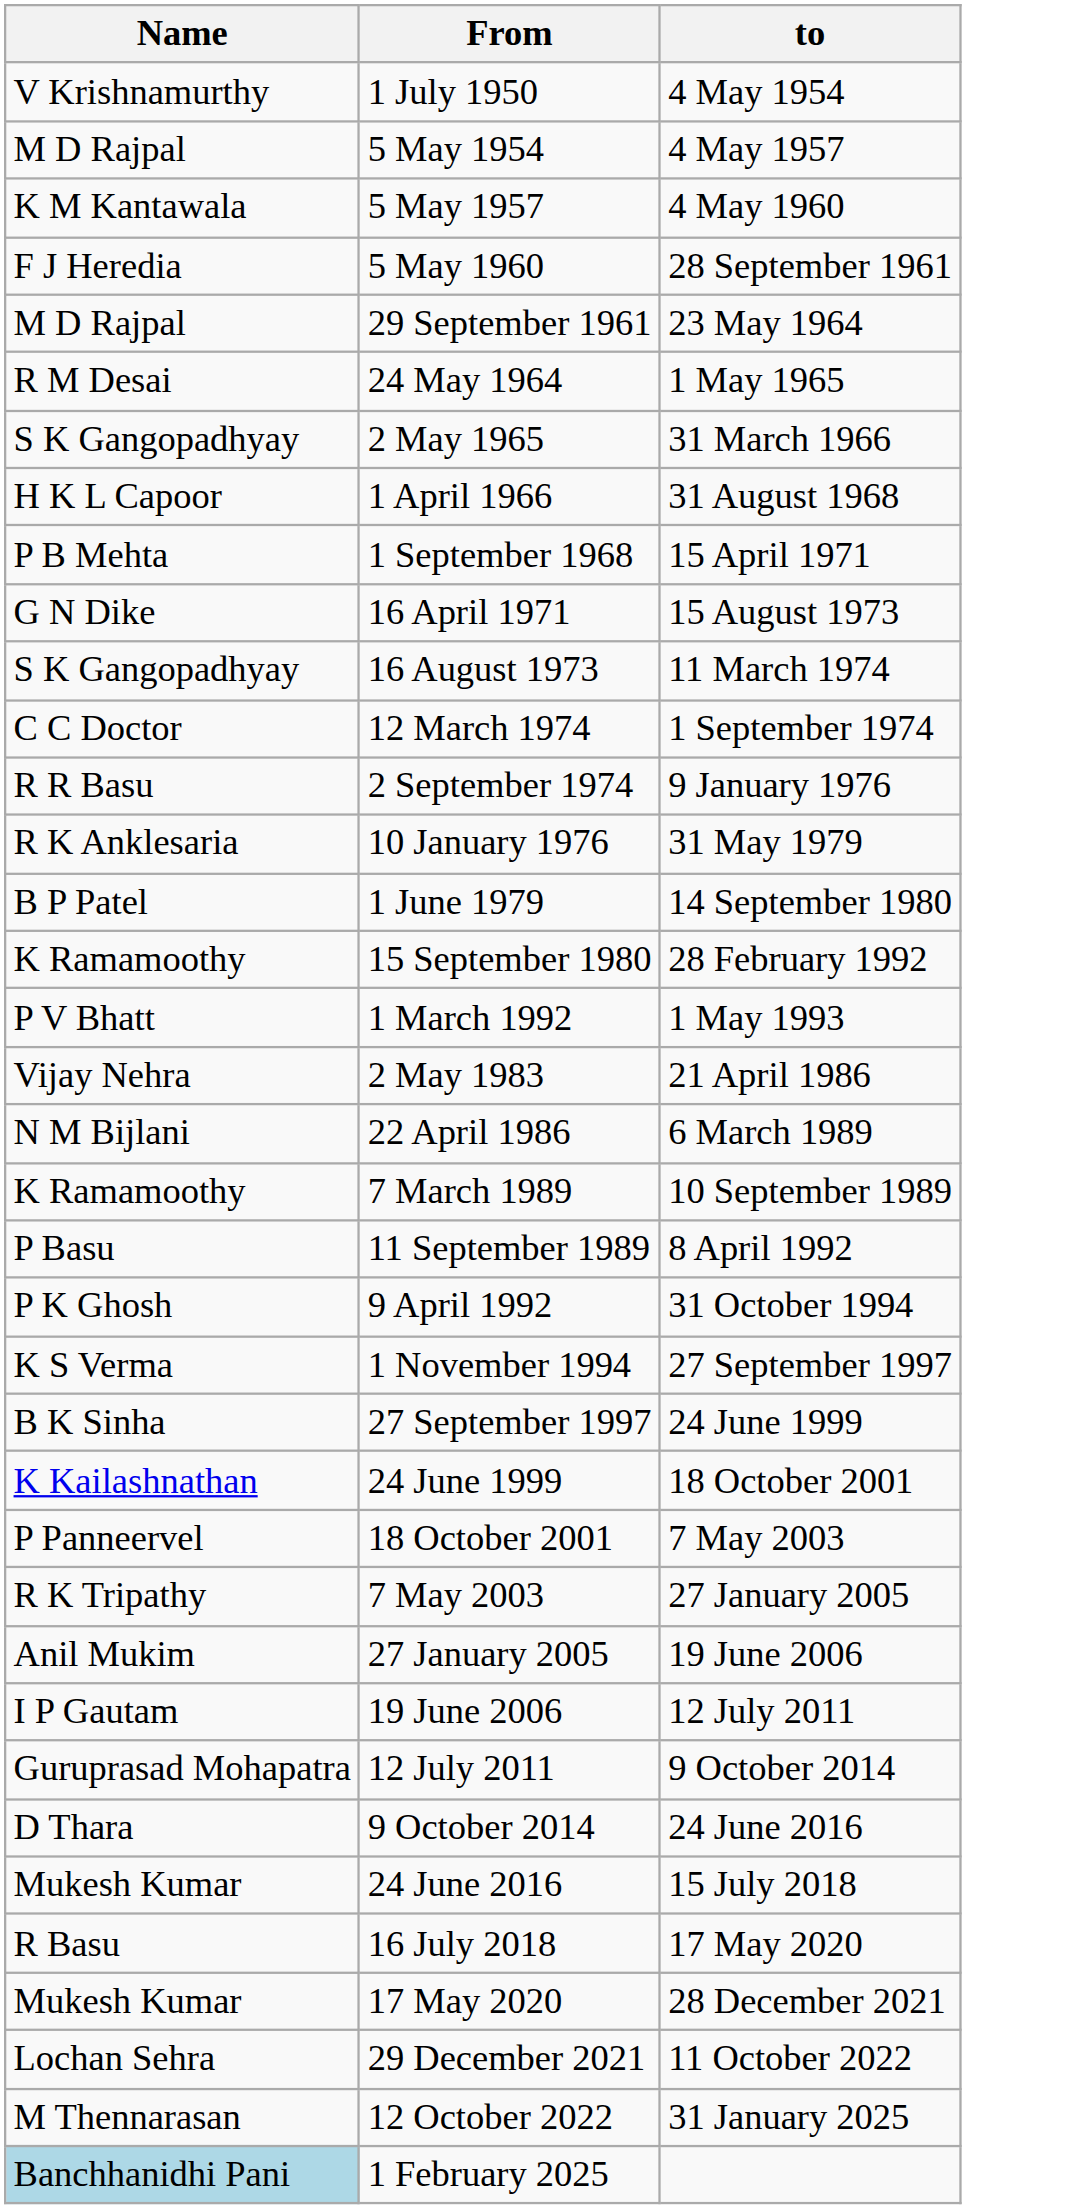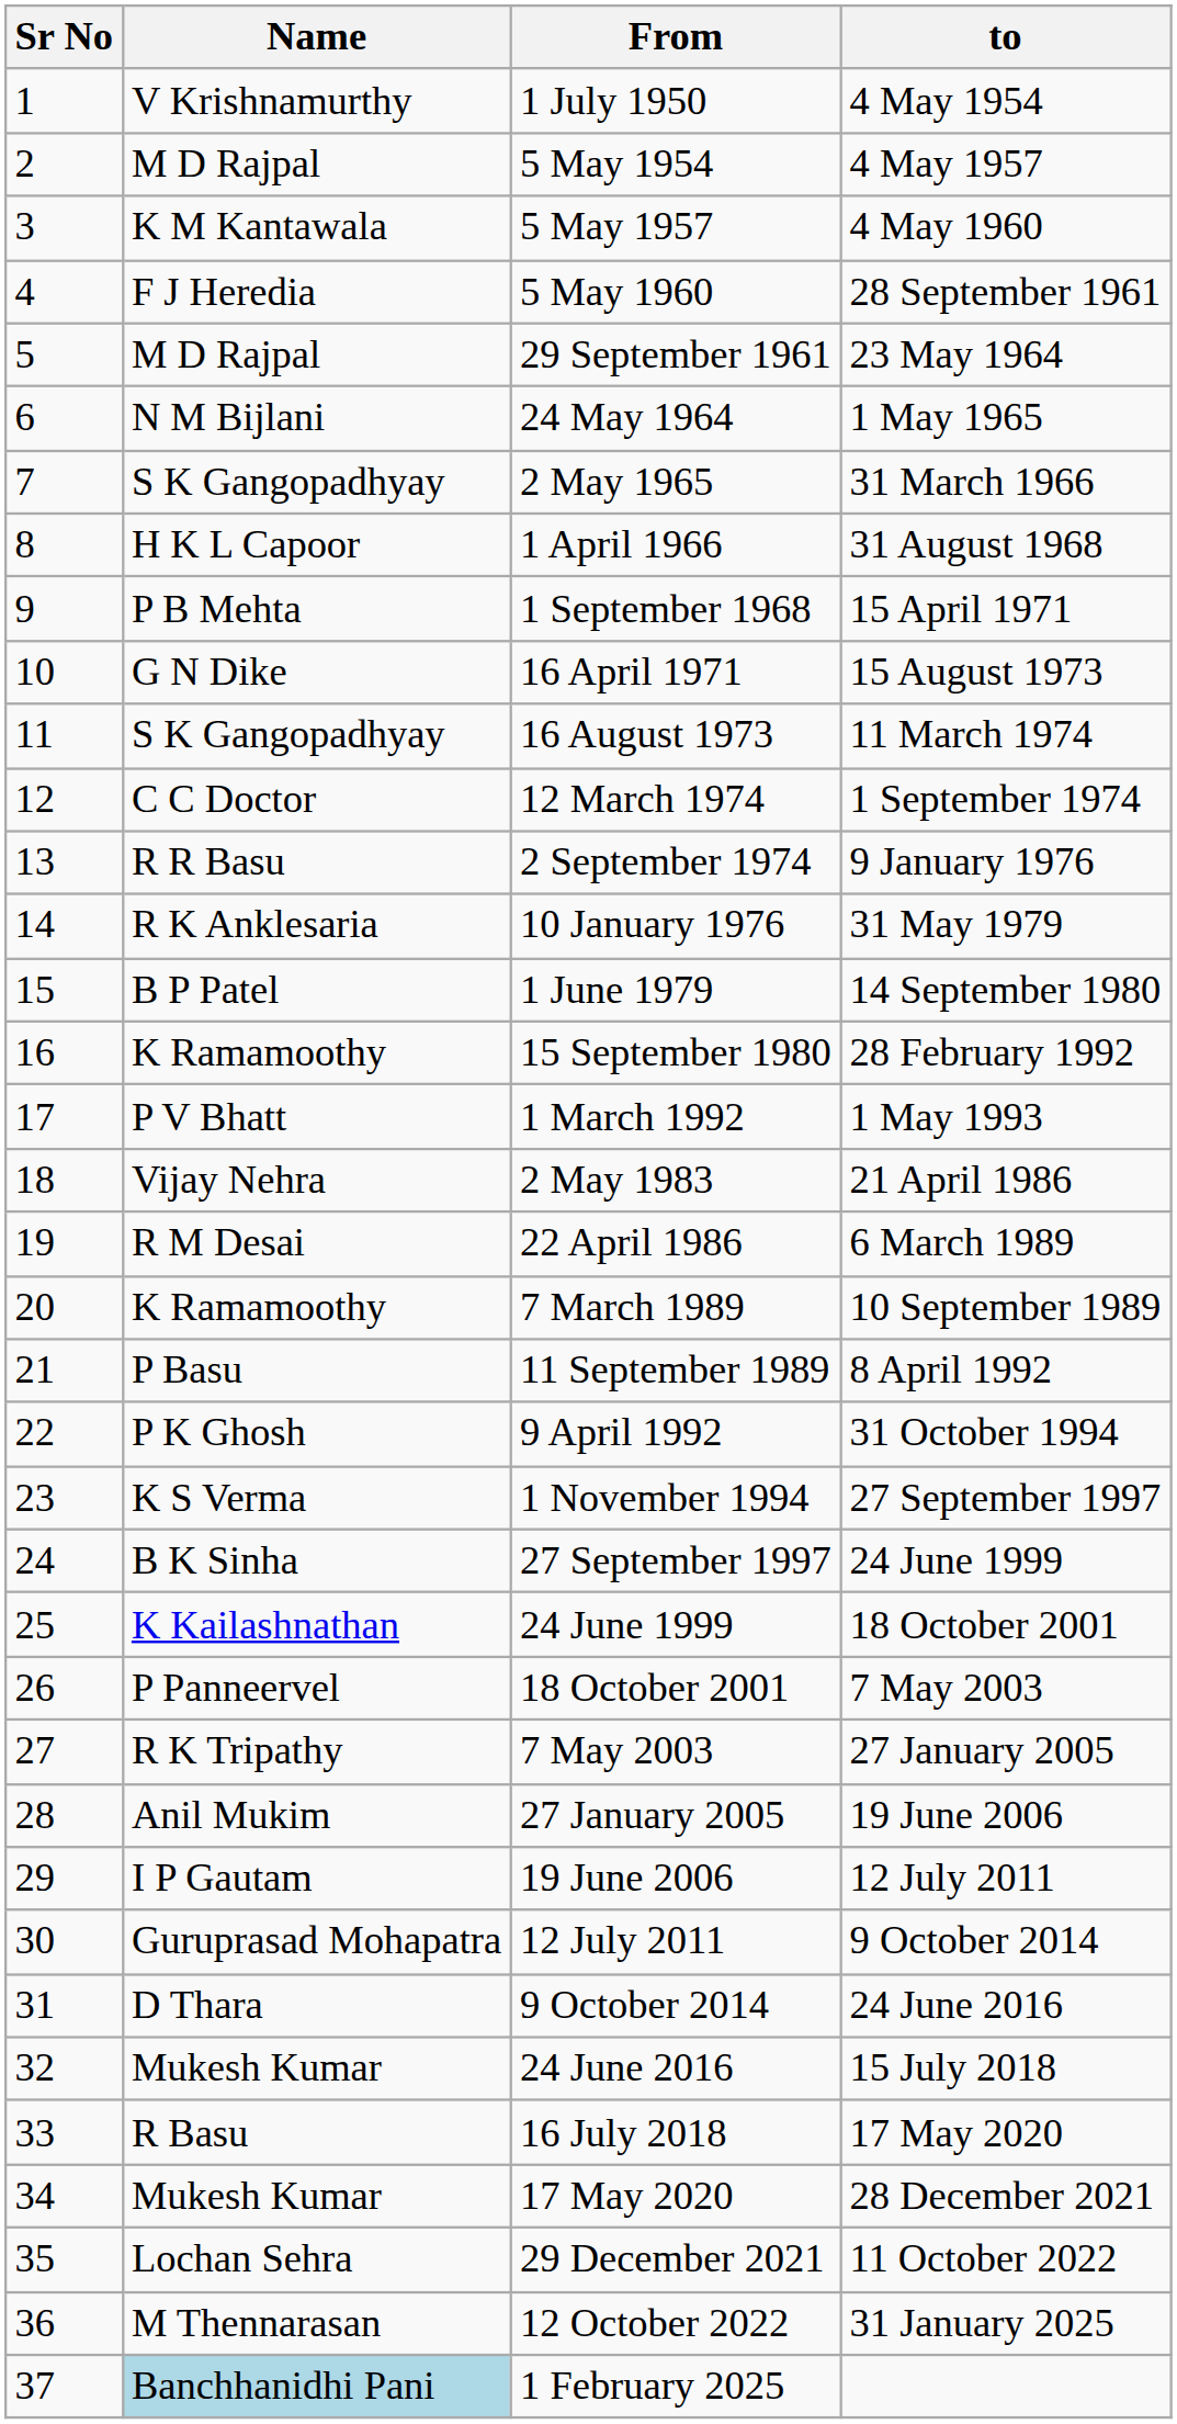 <table class="wikitable">
 <tr>
+<th>Sr No</th>
 <th>Name</th>
 <th>From</th>
 <th>to</th>
 </tr>
 <tr>
+<td>1</td>
 <td>V Krishnamurthy</td>
 <td>1 July 1950</td>
 <td>4 May 1954</td>
 </tr>
 <tr>
+<td>2</td>
 <td>M D Rajpal</td>
 <td>5 May 1954</td>
 <td>4 May 1957</td>
 </tr>
 <tr>
+<td>3</td>
 <td>K M Kantawala</td>
 <td>5 May 1957</td>
 <td>4 May 1960</td>
 </tr>
 <tr>
+<td>4</td>
 <td>F J Heredia</td>
 <td>5 May 1960</td>
 <td>28 September 1961</td>
 </tr>
 <tr>
+<td>5</td>
 <td>M D Rajpal</td>
 <td>29 September 1961</td>
 <td>23 May 1964</td>
 </tr>
 <tr>
-<td>R M Desai</td>
+<td>6</td>
+<td>N M Bijlani</td>
 <td>24 May 1964</td>
 <td>1 May 1965</td>
 </tr>
 <tr>
+<td>7</td>
 <td>S K Gangopadhyay</td>
 <td>2 May 1965</td>
 <td>31 March 1966</td>
 </tr>
 <tr>
+<td>8</td>
 <td>H K L Capoor</td>
 <td>1 April 1966</td>
 <td>31 August 1968</td>
 </tr>
 <tr>
+<td>9</td>
 <td>P B Mehta</td>
 <td>1 September 1968</td>
 <td>15 April 1971</td>
 </tr>
 <tr>
+<td>10</td>
 <td>G N Dike</td>
 <td>16 April 1971</td>
 <td>15 August 1973</td>
 </tr>
 <tr>
+<td>11</td>
 <td>S K Gangopadhyay</td>
 <td>16 August 1973</td>
 <td>11 March 1974</td>
 </tr>
 <tr>
+<td>12</td>
 <td>C C Doctor</td>
 <td>12 March 1974</td>
 <td>1 September 1974</td>
 </tr>
 <tr>
+<td>13</td>
 <td>R R Basu</td>
 <td>2 September 1974</td>
 <td>9 January 1976</td>
 </tr>
 <tr>
+<td>14</td>
 <td>R K Anklesaria</td>
 <td>10 January 1976</td>
 <td>31 May 1979</td>
 </tr>
 <tr>
+<td>15</td>
 <td>B P Patel</td>
 <td>1 June 1979</td>
 <td>14 September 1980</td>
 </tr>
 <tr>
+<td>16</td>
 <td>K Ramamoothy</td>
 <td>15 September 1980</td>
 <td>28 February 1992</td>
 </tr>
 <tr>
+<td>17</td>
 <td>P V Bhatt</td>
 <td>1 March 1992</td>
 <td>1 May 1993</td>
 </tr>
 <tr>
+<td>18</td>
 <td>Vijay Nehra</td>
 <td>2 May 1983</td>
 <td>21 April 1986</td>
 </tr>
 <tr>
-<td>N M Bijlani</td>
+<td>19</td>
+<td>R M Desai</td>
 <td>22 April 1986</td>
 <td>6 March 1989</td>
 </tr>
 <tr>
+<td>20</td>
 <td>K Ramamoothy</td>
 <td>7 March 1989</td>
 <td>10 September 1989</td>
 </tr>
 <tr>
+<td>21</td>
 <td>P Basu</td>
 <td>11 September 1989</td>
 <td>8 April 1992</td>
 </tr>
 <tr>
+<td>22</td>
 <td>P K Ghosh</td>
 <td>9 April 1992</td>
 <td>31 October 1994</td>
 </tr>
 <tr>
+<td>23</td>
 <td>K S Verma</td>
 <td>1 November 1994</td>
 <td>27 September 1997</td>
 </tr>
 <tr>
+<td>24</td>
 <td>B K Sinha</td>
 <td>27 September 1997</td>
 <td>24 June 1999</td>
 </tr>
 <tr>
+<td>25</td>
 <td><a href='#'>K Kailashnathan</a></td>
 <td>24 June 1999</td>
 <td>18 October 2001</td>
 </tr>
 <tr>
+<td>26</td>
 <td>P Panneervel</td>
 <td>18 October 2001</td>
 <td>7 May 2003</td>
 </tr>
 <tr>
+<td>27</td>
 <td>R K Tripathy</td>
 <td>7 May 2003</td>
 <td>27 January 2005</td>
 </tr>
 <tr>
+<td>28</td>
 <td>Anil Mukim</td>
 <td>27 January 2005</td>
 <td>19 June 2006</td>
 </tr>
 <tr>
+<td>29</td>
 <td>I P Gautam</td>
 <td>19 June 2006</td>
 <td>12 July 2011</td>
 </tr>
 <tr>
+<td>30</td>
 <td>Guruprasad Mohapatra</td>
 <td>12 July 2011</td>
 <td>9 October 2014</td>
 </tr>
 <tr>
+<td>31</td>
 <td Ms. D Thara>D Thara</td>
 <td>9 October 2014</td>
 <td>24 June 2016</td>
 </tr>
 <tr>
+<td>32</td>
 <td>Mukesh Kumar</td>
 <td>24 June 2016</td>
 <td>15 July 2018</td>
 </tr>
 <tr>
+<td>33</td>
 <td>R Basu</td>
 <td>16 July 2018</td>
 <td>17 May 2020</td>
 </tr>
 <tr>
+<td>34</td>
 <td>Mukesh Kumar</td>
 <td>17 May 2020</td>
 <td>28 December 2021</td>
 </tr>
 <tr>
+<td>35</td>
 <td>Lochan Sehra</td>
 <td>29 December 2021</td>
 <td>11 October 2022</td>
 </tr>
 <tr>
+<td>36</td>
 <td>M Thennarasan</td>
 <td>12 October 2022</td>
 <td>31 January 2025</td>
 </tr>
 <tr>
+<td>37</td>
 <td style="background: lightblue;">Banchhanidhi Pani</td>
 <td>1 February 2025</td>
 <td><br>   </td>
 </tr>
 </table>
